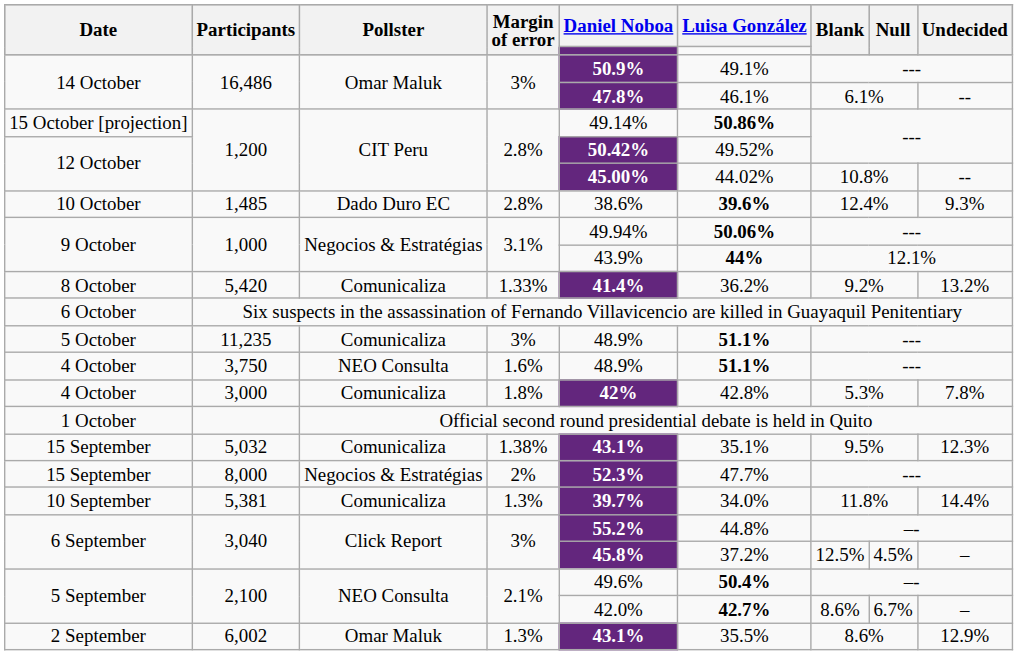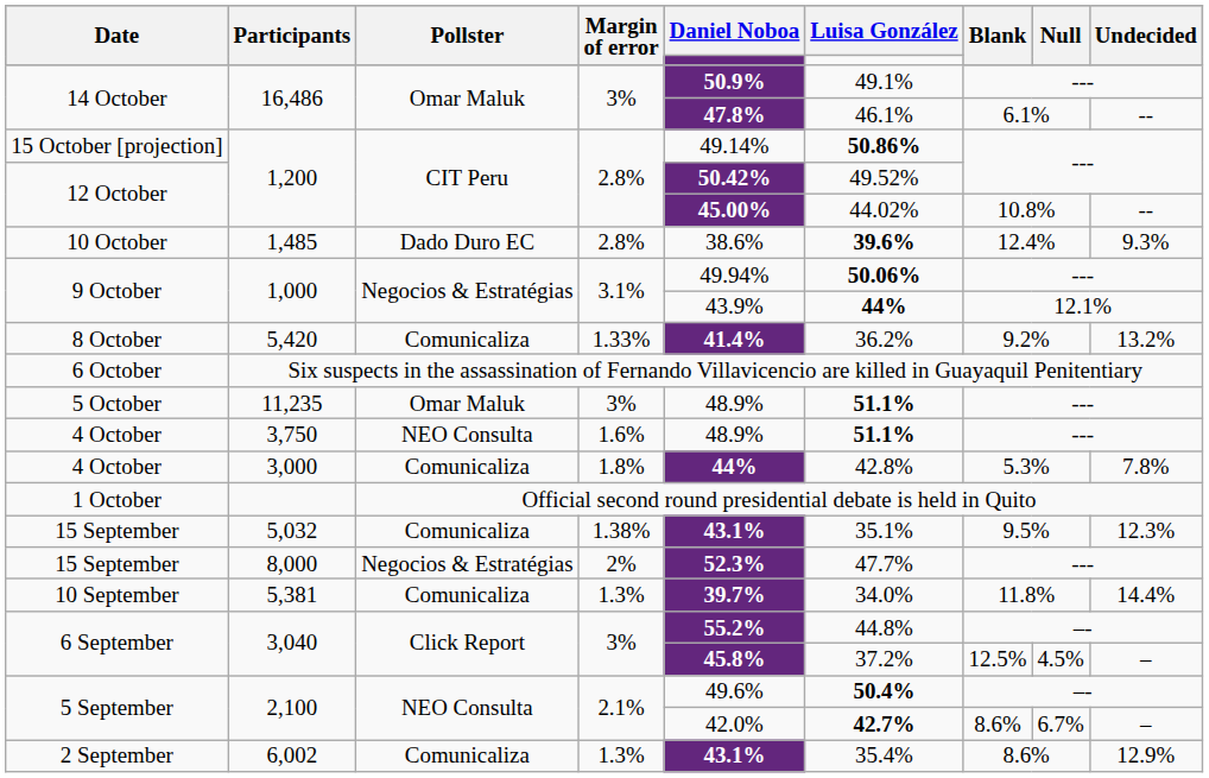 <table class="wikitable" style="text-align:center;font-size:85%;line-height:13px">
 <tr style="height:30px;background-color:#8B8B8B">
 <th rowspan=2>Date</th>
 <th rowspan="2">Participants</th>
 <th rowspan="2">Pollster</th>
 <th rowspan=2>Margin<br>of error</th>
 <th><a href='#'>Daniel Noboa</a></th>
 <th><a href='#'>Luisa González</a></th>
 <th rowspan=2>Blank</th>
 <th rowspan=2>Null</th>
 <th rowspan=2>Undecided</th>
 </tr>
 <tr>
 <td bgcolor="#63267D"></td>
 <td></td>
 </tr>
 <tr>
 <td rowspan="2">14 October</td>
 <td rowspan="2">16,486</td>
 <td rowspan="2">Omar Maluk</td>
 <td rowspan="2">3%</td>
 <td style="background:#63267D ; color:white;"><strong>50.9%</strong></td>
 <td>49.1%</td>
 <td colspan="3">---</td>
 </tr>
 <tr>
 <td style="background:#63267D ; color:white;"><strong>47.8%</strong></td>
 <td>46.1%</td>
 <td colspan="2">6.1%</td>
 <td>--</td>
 </tr>
 <tr>
 <td>15 October [projection]</td>
 <td rowspan="3">1,200</td>
 <td rowspan="3">CIT Peru</td>
 <td rowspan="3">2.8%</td>
 <td>49.14%</td>
 <td style="background:"><strong>50.86%</strong></td>
 <td colspan="3" rowspan="2">---</td>
 </tr>
 <tr>
 <td rowspan="2">12 October</td>
 <td style="background:#63267D ; color:white;"><strong>50.42%</strong></td>
 <td>49.52%</td>
 </tr>
 <tr>
 <td style="background:#63267D ; color:white;"><strong>45.00%</strong></td>
 <td>44.02%</td>
 <td colspan="2">10.8%</td>
 <td>--</td>
 </tr>
 <tr>
 <td>10 October</td>
 <td>1,485</td>
 <td>Dado Duro EC</td>
 <td>2.8%</td>
 <td>38.6%</td>
 <td style="background:"><strong>39.6%</strong></td>
 <td colspan="2">12.4%</td>
 <td>9.3%</td>
 </tr>
 <tr>
 <td rowspan="2">9 October</td>
 <td rowspan="2">1,000</td>
 <td rowspan="2">Negocios & Estratégias</td>
 <td rowspan="2">3.1%</td>
 <td>49.94%</td>
 <td style="background:"><strong>50.06%</strong></td>
 <td colspan="3">---</td>
 </tr>
 <tr>
 <td>43.9%</td>
 <td style="background:"><strong>44%</strong></td>
 <td colspan="3">12.1%</td>
 </tr>
 <tr>
 <td>8 October</td>
 <td>5,420</td>
 <td>Comunicaliza</td>
 <td>1.33%</td>
 <td style="background:#63267D ; color:white;"><strong>41.4%</strong></td>
 <td>36.2%</td>
 <td colspan="2">9.2%</td>
 <td>13.2%</td>
 </tr>
 <tr>
 <td>6 October</td>
 <td colspan="8">Six suspects in the assassination of Fernando Villavicencio are killed in Guayaquil Penitentiary</td>
 </tr>
 <tr>
 <td>5 October</td>
 <td>11,235</td>
-<td>Comunicaliza</td>
+<td>Omar Maluk</td>
 <td>3%</td>
 <td>48.9%</td>
 <td style="background:"><strong>51.1%</strong></td>
 <td colspan="3">---</td>
 </tr>
 <tr>
 <td>4 October</td>
 <td>3,750</td>
 <td>NEO Consulta</td>
 <td>1.6%</td>
 <td>48.9%</td>
 <td style="background:"><strong>51.1%</strong></td>
 <td colspan="3">---</td>
 </tr>
 <tr>
 <td>4 October</td>
 <td>3,000</td>
 <td>Comunicaliza</td>
 <td>1.8%</td>
-<td style="background:#63267D ; color:white;"><strong>42%</strong></td>
+<td style="background:#63267D ; color:white;"><strong>44%</strong></td>
 <td>42.8%</td>
 <td colspan="2">5.3%</td>
 <td>7.8%</td>
 </tr>
 <tr>
 <td>1 October</td>
 <td></td>
 <td colspan="7">Official second round presidential debate is held in Quito</td>
 </tr>
 <tr>
 <td>15 September</td>
 <td>5,032</td>
 <td>Comunicaliza</td>
 <td>1.38%</td>
 <td style="background:#63267D ; color:white;"><strong>43.1%</strong></td>
 <td>35.1%</td>
 <td colspan="2">9.5%</td>
 <td>12.3%</td>
 </tr>
 <tr>
 <td>15 September</td>
 <td>8,000</td>
 <td>Negocios & Estratégias</td>
 <td>2%</td>
 <td style="background:#63267D ; color:white;"><strong>52.3%</strong></td>
 <td>47.7%</td>
 <td colspan="3">---</td>
 </tr>
 <tr>
 <td>10 September</td>
 <td>5,381</td>
 <td>Comunicaliza</td>
 <td>1.3%</td>
 <td style="background:#63267D ; color:white;"><strong>39.7%</strong></td>
 <td>34.0%</td>
 <td colspan="2">11.8%</td>
 <td>14.4%</td>
 </tr>
 <tr>
 <td rowspan="2">6 September</td>
 <td rowspan="2">3,040</td>
 <td rowspan="2">Click Report</td>
 <td rowspan="2">3%</td>
 <td style="background:#63267D ; color:white;"><strong>55.2%</strong></td>
 <td>44.8%</td>
 <td colspan="3">–-</td>
 </tr>
 <tr>
 <td style="background:#63267D ; color:white;"><strong>45.8%</strong></td>
 <td>37.2%</td>
 <td>12.5%</td>
 <td>4.5%</td>
 <td>–</td>
 </tr>
 <tr>
 <td rowspan="2">5 September</td>
 <td rowspan="2">2,100</td>
 <td rowspan="2">NEO Consulta</td>
 <td rowspan="2">2.1%</td>
 <td>49.6%</td>
 <td style="background:"><strong>50.4%</strong></td>
 <td colspan="3">–-</td>
 </tr>
 <tr>
 <td>42.0%</td>
 <td style="background:"><strong>42.7%</strong></td>
 <td>8.6%</td>
 <td>6.7%</td>
 <td>–</td>
 </tr>
 <tr>
 <td>2 September</td>
 <td>6,002</td>
-<td>Omar Maluk</td>
+<td>Comunicaliza</td>
 <td>1.3%</td>
 <td style="background:#63267D ; color:white;"><strong>43.1%</strong></td>
-<td>35.5%</td>
+<td>35.4%</td>
 <td colspan="2">8.6%</td>
 <td>12.9%</td>
 </tr>
 </table>
